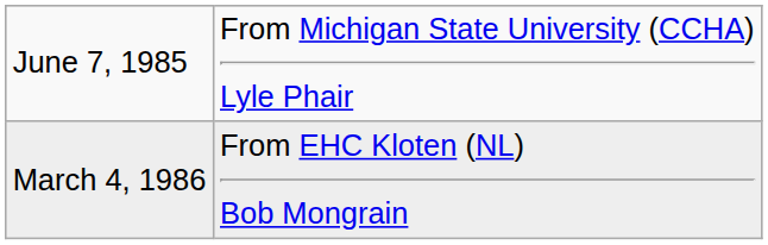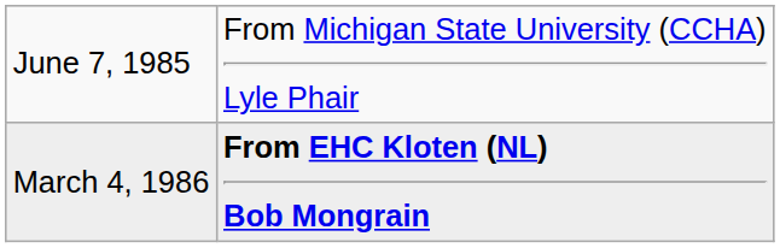 <table class="wikitable">
 <tr>
 <td>June 7, 1985</td>
 <td valign="top">From <a href='#'>Michigan State University</a> (<a href='#'>CCHA</a>)<hr><a href='#'>Lyle Phair</a></td>
 </tr>
 <tr style="background:#eee;">
 <td>March 4, 1986</td>
-<td valign="top">From <a href='#'>EHC Kloten</a> (<a href='#'>NL</a>)<hr><a href='#'>Bob Mongrain</a></td>
+<td valign="top"><strong>From <a href='#'>EHC Kloten</a> (<a href='#'>NL</a>)<hr><a href='#'>Bob Mongrain</a></strong></td>
 </tr>
 </table>
